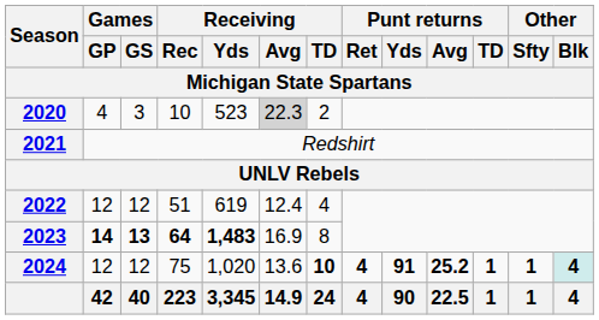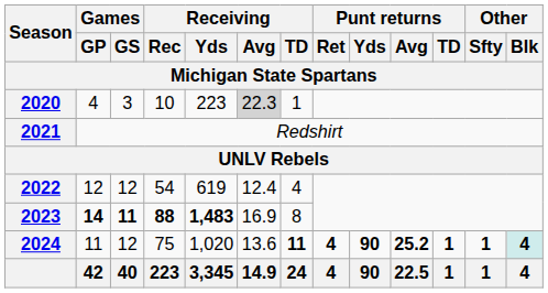 <table class="wikitable" style="text-align:center;">
 <tr>
 <th rowspan="2">Season</th>
 <th colspan="2">Games</th>
 <th colspan="4">Receiving</th>
 <th colspan="4">Punt returns</th>
 <th colspan="2">Other</th>
 </tr>
 <tr>
 <th>GP</th>
 <th>GS</th>
 <th>Rec</th>
 <th>Yds</th>
 <th>Avg</th>
 <th>TD</th>
 <th>Ret</th>
 <th>Yds</th>
 <th>Avg</th>
 <th>TD</th>
 <th>Sfty</th>
 <th>Blk</th>
 </tr>
 <tr>
 <th colspan="14">Michigan State Spartans</th>
 </tr>
 <tr>
 <th><a href='#'>2020</a></th>
 <td>4</td>
 <td>3</td>
 <td>10</td>
-<td>523</td>
+<td>223</td>
 <td style="background: lightgrey;">22.3</td>
-<td>2</td>
+<td>1</td>
 </tr>
 <tr>
 <th><a href='#'>2021</a></th>
 <td colspan="15"><em>Redshirt </em></td>
 </tr>
 <tr>
 <th colspan="14">UNLV Rebels</th>
 </tr>
 <tr>
 <th><a href='#'>2022</a></th>
 <td>12</td>
 <td>12</td>
-<td>51</td>
+<td>54</td>
 <td>619</td>
 <td>12.4</td>
 <td>4</td>
 </tr>
 <tr>
 <th><a href='#'>2023</a></th>
 <td><strong>14</strong></td>
-<td><strong>13</strong></td>
-<td><strong>64</strong></td>
+<td><strong>11</strong></td>
+<td><strong>88</strong></td>
 <td><strong>1,483</strong></td>
 <td>16.9</td>
 <td>8</td>
 </tr>
 <tr>
 <th><a href='#'>2024</a></th>
-<td>12</td>
+<td>11</td>
 <td>12</td>
 <td>75</td>
 <td>1,020</td>
 <td>13.6</td>
-<td><strong>10</strong></td>
+<td><strong>11</strong></td>
 <td><strong>4</strong></td>
-<td><strong>91</strong></td>
+<td><strong>90</strong></td>
 <td><strong>25.2</strong></td>
 <td><strong>1</strong></td>
 <td><strong>1</strong></td>
 <td style="background:#cfecec;"><strong>4</strong></td>
 </tr>
 <tr>
 <th></th>
 <th>42</th>
 <th>40</th>
 <th>223</th>
 <th>3,345</th>
 <th>14.9</th>
 <th>24</th>
 <th>4</th>
 <th>90</th>
 <th>22.5</th>
 <th>1</th>
 <th>1</th>
 <th>4</th>
 </tr>
 </table>
